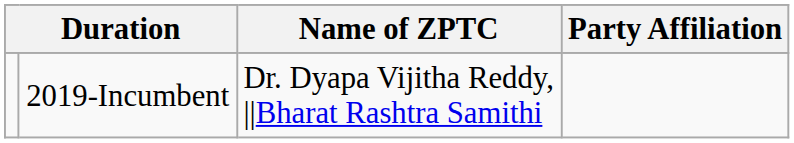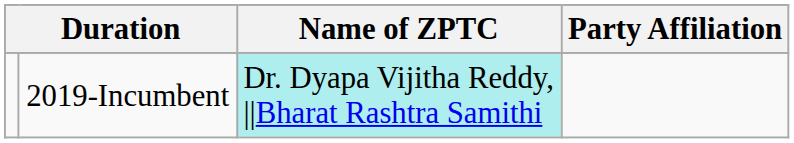 <table class="wikitable">
 <tr>
 <th colspan="2">Duration</th>
 <th>Name of ZPTC</th>
 <th>Party Affiliation</th>
 </tr>
 <tr>
 <td style="background-color: "></td>
 <td>2019-Incumbent</td>
-<td>Dr. Dyapa Vijitha Reddy,<br>||<a href='#'>Bharat Rashtra Samithi</a></td>
+<td style="background: paleturquoise;">Dr. Dyapa Vijitha Reddy,<br>||<a href='#'>Bharat Rashtra Samithi</a></td>
 </tr>
 </table>
